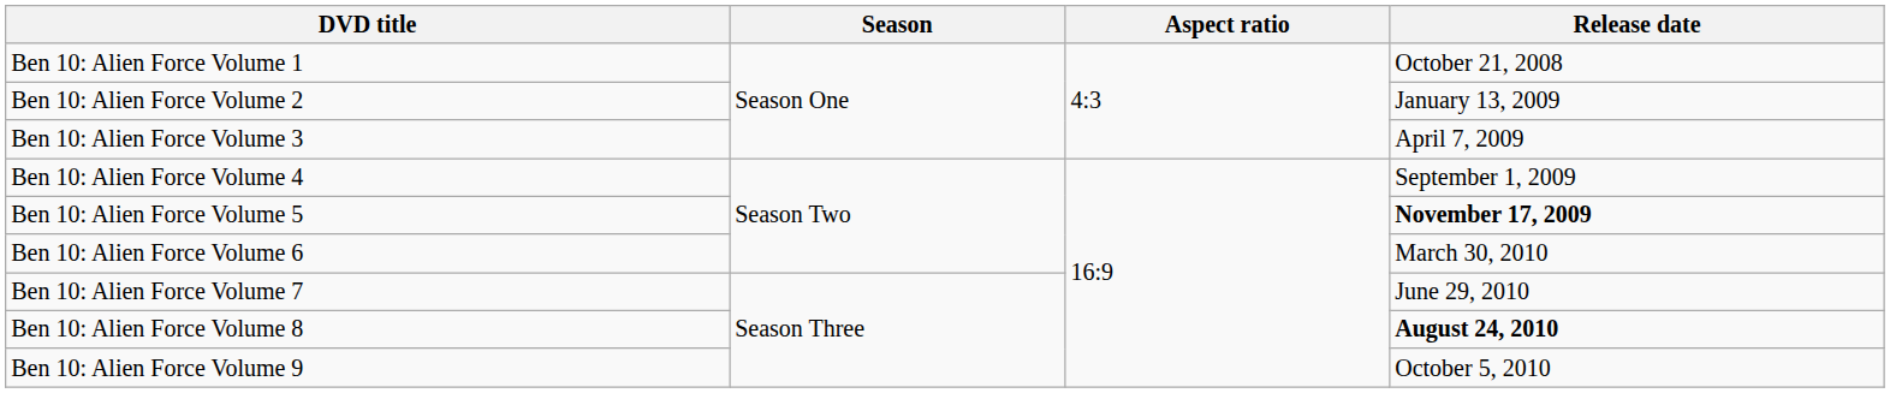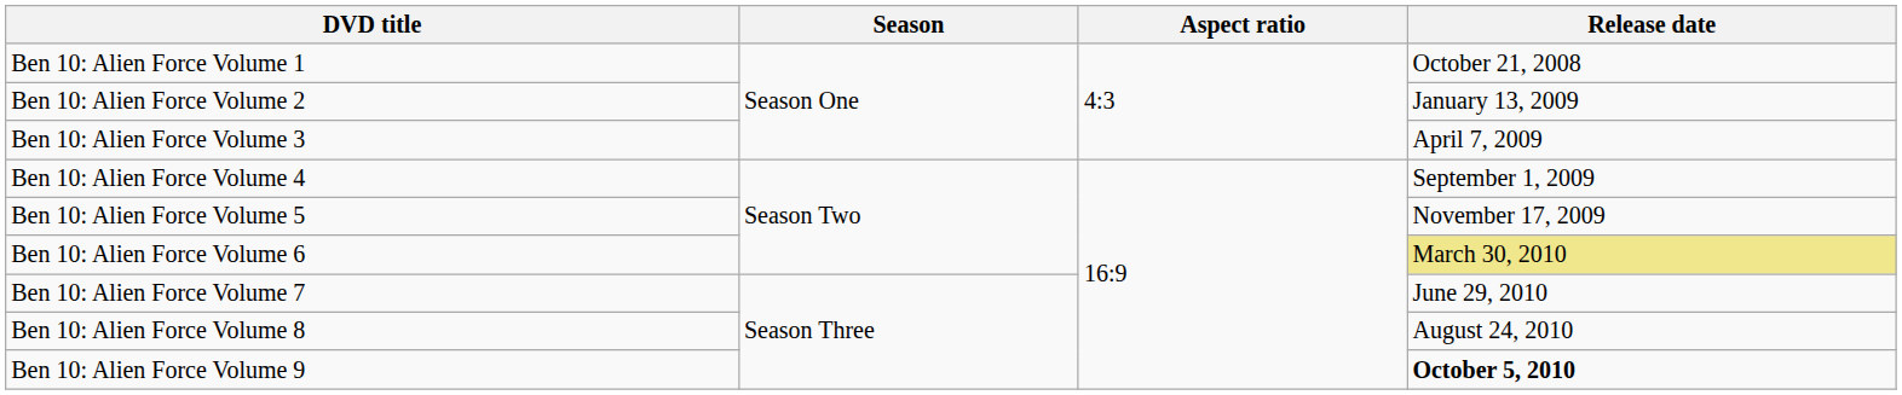 <table class="wikitable" style="width:99%">
 <tr>
 <th>DVD title</th>
 <th>Season</th>
 <th>Aspect ratio</th>
 <th>Release date</th>
 </tr>
 <tr>
 <td>Ben 10: Alien Force Volume 1</td>
 <td rowspan="3">Season One</td>
 <td rowspan="3">4:3</td>
 <td>October 21, 2008</td>
 </tr>
 <tr>
 <td>Ben 10: Alien Force Volume 2</td>
 <td>January 13, 2009</td>
 </tr>
 <tr>
 <td>Ben 10: Alien Force Volume 3</td>
 <td>April 7, 2009</td>
 </tr>
 <tr>
 <td>Ben 10: Alien Force Volume 4</td>
 <td rowspan="3">Season Two</td>
 <td rowspan="6">16:9</td>
 <td>September 1, 2009</td>
 </tr>
 <tr>
 <td>Ben 10: Alien Force Volume 5</td>
-<td><strong>November 17, 2009</strong></td>
+<td>November 17, 2009</td>
 </tr>
 <tr>
 <td>Ben 10: Alien Force Volume 6</td>
-<td>March 30, 2010</td>
+<td style="background: khaki;">March 30, 2010</td>
 </tr>
 <tr>
 <td>Ben 10: Alien Force Volume 7</td>
 <td rowspan="3">Season Three</td>
 <td>June 29, 2010</td>
 </tr>
 <tr>
 <td>Ben 10: Alien Force Volume 8</td>
-<td><strong>August 24, 2010</strong></td>
+<td>August 24, 2010</td>
 </tr>
 <tr>
 <td>Ben 10: Alien Force Volume 9</td>
-<td>October 5, 2010</td>
+<td><strong>October 5, 2010</strong></td>
 </tr>
 </table>
